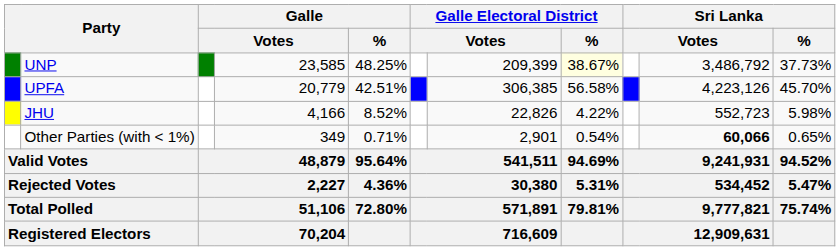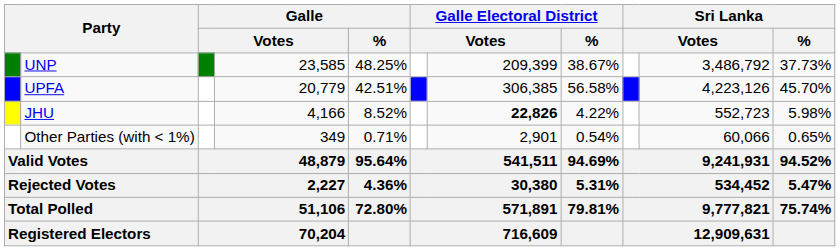 <table class="wikitable">
 <tr>
 <th colspan="2" width="144px"rowspan="2">Party</th>
 <th colspan="3" width="216px">Galle</th>
 <th colspan="3" width="216px"><a href='#'>Galle Electoral District</a></th>
 <th colspan="3" width="216px">Sri Lanka</th>
 </tr>
 <tr>
 <th colspan="2" width="144px">Votes</th>
 <th>%</th>
 <th colspan="2" width="144px">Votes</th>
 <th>%</th>
 <th colspan="2" width="144px">Votes</th>
 <th>%</th>
 </tr>
 <tr>
 <td style="background-color:green;" width="10px"></td>
 <td style="text-align:left;"><a href='#'>UNP</a></td>
 <td style="background-color:green;" width="10px"></td>
 <td style="text-align:right;">23,585</td>
 <td style="text-align:right;">48.25%</td>
 <td style="background-color:white;" width="10px"></td>
 <td style="text-align:right;">209,399</td>
-<td style="background: lightyellow; text-align:right;">38.67%</td>
+<td style="text-align:right;">38.67%</td>
 <td style="background-color:white;" width="10px"></td>
 <td style="text-align:right;">3,486,792</td>
 <td style="text-align:right;">37.73%</td>
 </tr>
 <tr>
 <td style="background-color:blue;" width="10px"></td>
 <td style="text-align:left;"><a href='#'>UPFA</a></td>
 <td style="background-color:white;" width="10px"></td>
 <td style="text-align:right;">20,779</td>
 <td style="text-align:right;">42.51%</td>
 <td style="background-color:blue;" width="10px"></td>
 <td style="text-align:right;">306,385</td>
 <td style="text-align:right;">56.58%</td>
 <td style="background-color:blue;" width="10px"></td>
 <td style="text-align:right;">4,223,126</td>
 <td style="text-align:right;">45.70%</td>
 </tr>
 <tr>
 <td style="background-color:yellow;" width="10px"></td>
 <td style="text-align:left;"><a href='#'>JHU</a></td>
 <td style="background-color:white;" width="10px"></td>
 <td style="text-align:right;">4,166</td>
 <td style="text-align:right;">8.52%</td>
 <td style="background-color:white;" width="10px"></td>
-<td style="text-align:right;">22,826</td>
+<td style="text-align:right;"><strong>22,826</strong></td>
 <td style="text-align:right;">4.22%</td>
 <td style="background-color:white;" width="10px"></td>
 <td style="text-align:right;">552,723</td>
 <td style="text-align:right;">5.98%</td>
 </tr>
 <tr>
 <td style="background-color:white;" width="10px"></td>
 <td style="text-align:left;">Other Parties (with < 1%)</td>
 <td style="background-color:white;" width="10px"></td>
 <td style="text-align:right;">349</td>
 <td style="text-align:right;">0.71%</td>
 <td style="background-color:white;" width="10px"></td>
 <td style="text-align:right;">2,901</td>
 <td style="text-align:right;">0.54%</td>
 <td style="background-color:white;" width="10px"></td>
-<td style="text-align:right;"><strong>60,066</strong></td>
+<td style="text-align:right;">60,066</td>
 <td style="text-align:right;">0.65%</td>
 </tr>
 <tr>
 <th colspan="2" width="144px"style="text-align:left;">Valid Votes</th>
 <th style="text-align:right;"colspan="2" width="144px">48,879</th>
 <th style="text-align:right;">95.64%</th>
 <th style="text-align:right;"colspan="2" width="144px">541,511</th>
 <th style="text-align:right;">94.69%</th>
 <th style="text-align:right;"colspan="2" width="144px">9,241,931</th>
 <th style="text-align:right;">94.52%</th>
 </tr>
 <tr>
 <th colspan="2" width="144px"style="text-align:left;">Rejected Votes</th>
 <th style="text-align:right;"colspan="2" width="144px">2,227</th>
 <th style="text-align:right;">4.36%</th>
 <th style="text-align:right;"colspan="2" width="144px">30,380</th>
 <th style="text-align:right;">5.31%</th>
 <th style="text-align:right;"colspan="2" width="144px">534,452</th>
 <th style="text-align:right;">5.47%</th>
 </tr>
 <tr>
 <th colspan="2" width="144px"style="text-align:left;">Total Polled</th>
 <th style="text-align:right;"colspan="2" width="144px">51,106</th>
 <th style="text-align:right;">72.80%</th>
 <th style="text-align:right;"colspan="2" width="144px">571,891</th>
 <th style="text-align:right;">79.81%</th>
 <th style="text-align:right;"colspan="2" width="144px">9,777,821</th>
 <th style="text-align:right;">75.74%</th>
 </tr>
 <tr>
 <th colspan="2" width="144px"style="text-align:left;">Registered Electors</th>
 <th style="text-align:right;"colspan="2" width="144px">70,204</th>
 <th></th>
 <th style="text-align:right;"colspan="2" width="144px">716,609</th>
 <th></th>
 <th style="text-align:right;"colspan="2" width="144px">12,909,631</th>
 <th></th>
 </tr>
 </table>
